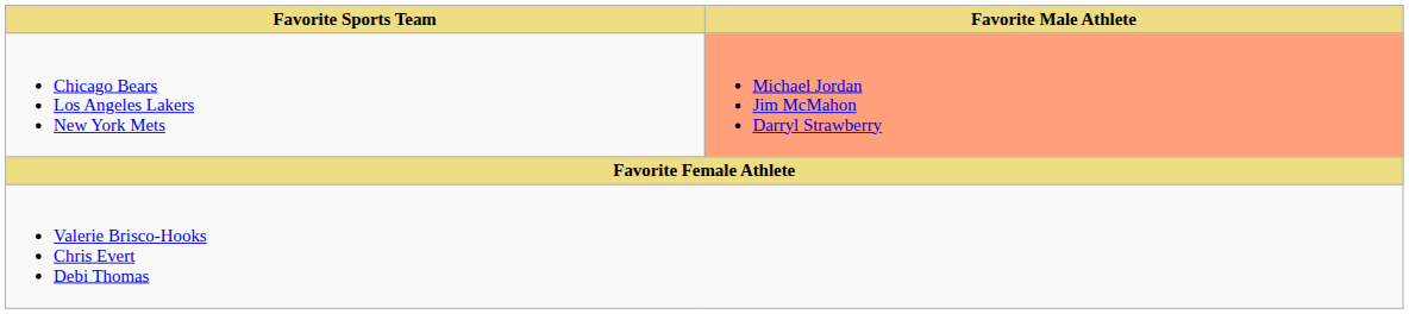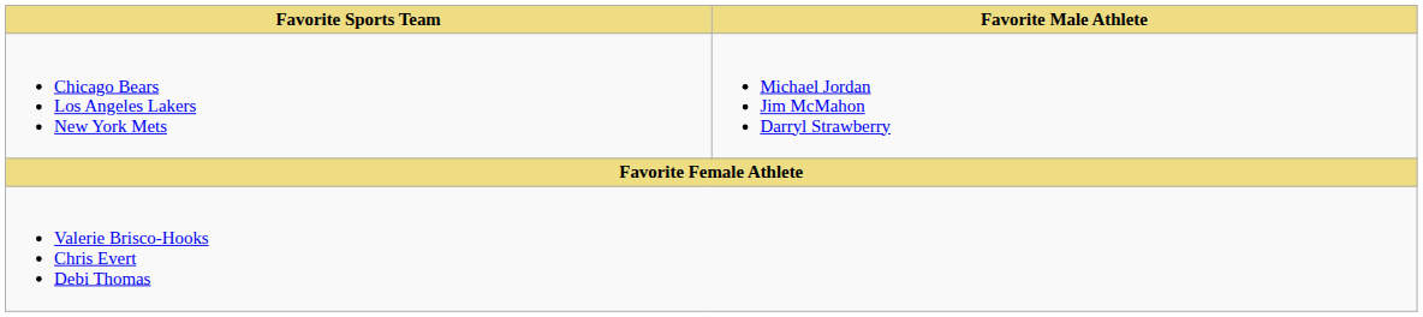 <table class="wikitable" style="width:100%">
 <tr>
 <th style="background:#EEDD82; width:50%">Favorite Sports Team</th>
 <th style="background:#EEDD82; width:50%">Favorite Male Athlete</th>
 </tr>
 <tr>
 <td valign="top"><br><ul><li><a href='#'>Chicago Bears</a></li><li><a href='#'>Los Angeles Lakers</a></li><li><a href='#'>New York Mets</a></li></ul></td>
-<td valign="top" style="background: lightsalmon;"><br><ul><li><a href='#'>Michael Jordan</a></li><li><a href='#'>Jim McMahon</a></li><li><a href='#'>Darryl Strawberry</a></li></ul></td>
+<td valign="top"><br><ul><li><a href='#'>Michael Jordan</a></li><li><a href='#'>Jim McMahon</a></li><li><a href='#'>Darryl Strawberry</a></li></ul></td>
 </tr>
 <tr>
 <th style="background:#EEDD82;" colspan="2">Favorite Female Athlete</th>
 </tr>
 <tr>
 <td colspan="2" valign="top"><br><ul><li><a href='#'>Valerie Brisco-Hooks</a></li><li><a href='#'>Chris Evert</a></li><li><a href='#'>Debi Thomas</a></li></ul></td>
 </tr>
 </table>
